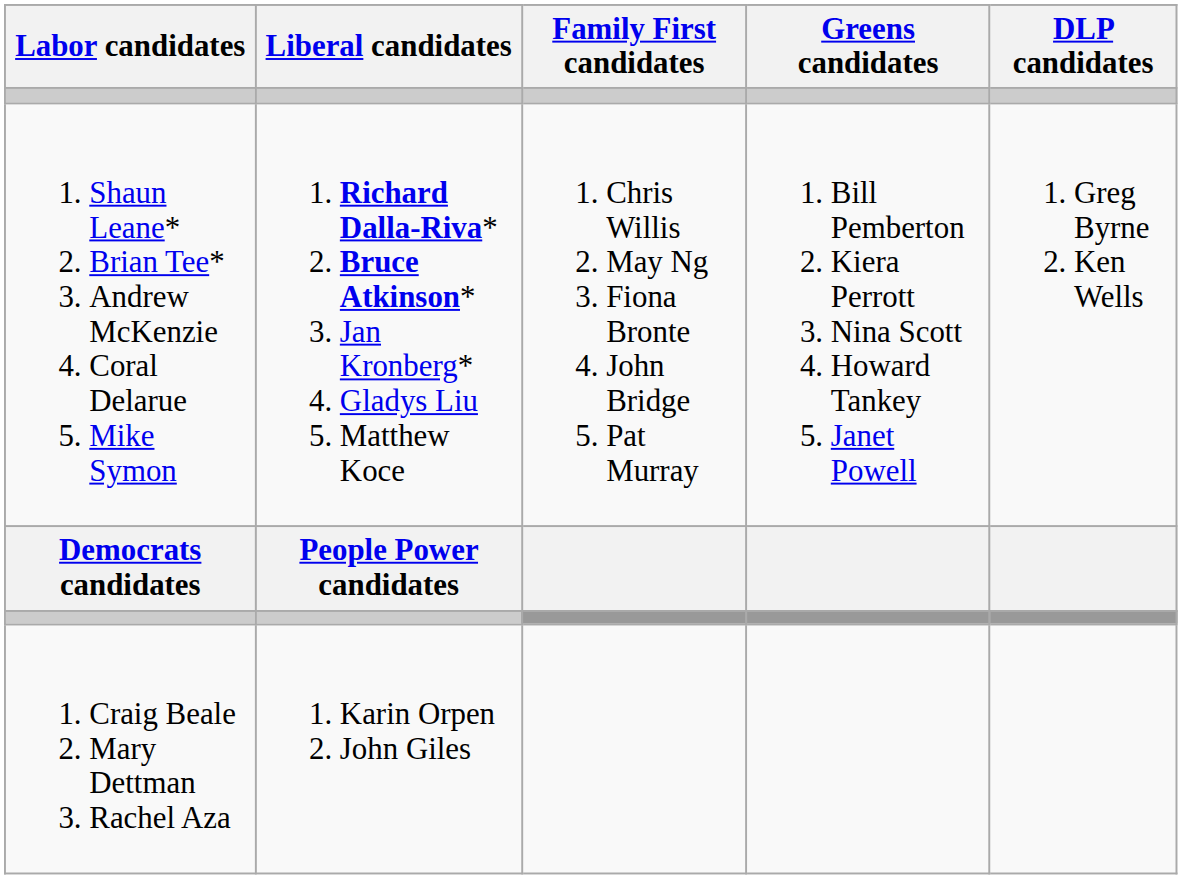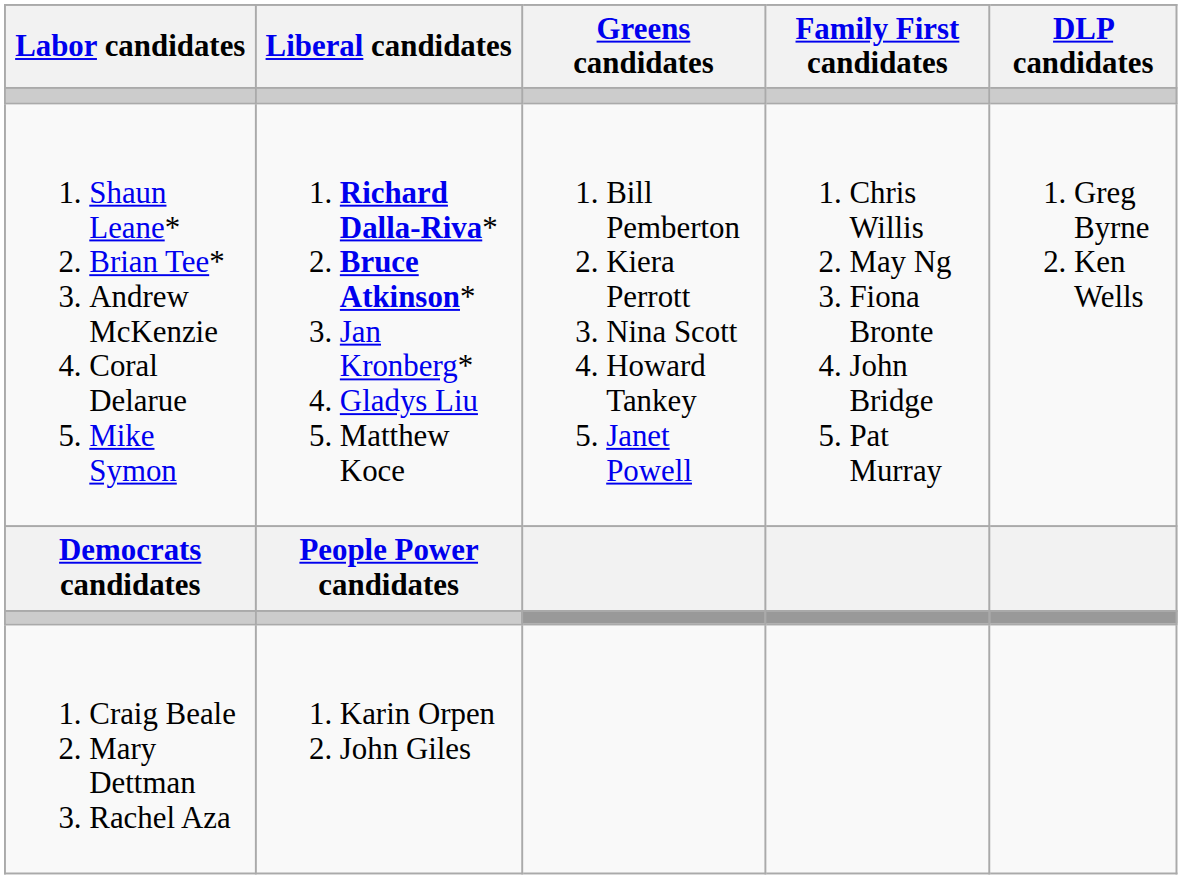 <table class="wikitable">
 <tr>
 <th><a href='#'>Labor</a> candidates</th>
 <th><a href='#'>Liberal</a> candidates</th>
+<th><a href='#'>Greens</a> candidates</th>
 <th><a href='#'>Family First</a> candidates</th>
-<th><a href='#'>Greens</a> candidates</th>
 <th><a href='#'>DLP</a> candidates</th>
 </tr>
 <tr bgcolor="#cccccc">
 <td></td>
 <td></td>
 <td></td>
 <td></td>
 <td></td>
 </tr>
 <tr>
 <td><br><ol><li><a href='#'>Shaun Leane</a>*</li><li><a href='#'>Brian Tee</a>*</li><li>Andrew McKenzie</li><li>Coral Delarue</li><li><a href='#'>Mike Symon</a></li></ol></td>
 <td><br><ol><li><strong><a href='#'>Richard Dalla-Riva</a></strong>*</li><li><strong><a href='#'>Bruce Atkinson</a></strong>*</li><li><a href='#'>Jan Kronberg</a>*</li><li><a href='#'>Gladys Liu</a></li><li>Matthew Koce</li></ol></td>
+<td valign=top><br><ol><li>Bill Pemberton</li><li>Kiera Perrott</li><li>Nina Scott</li><li>Howard Tankey</li><li><a href='#'>Janet Powell</a></li></ol></td>
 <td valign=top><br><ol><li>Chris Willis</li><li>May Ng</li><li>Fiona Bronte</li><li>John Bridge</li><li>Pat Murray</li></ol></td>
-<td valign=top><br><ol><li>Bill Pemberton</li><li>Kiera Perrott</li><li>Nina Scott</li><li>Howard Tankey</li><li><a href='#'>Janet Powell</a></li></ol></td>
 <td valign=top><br><ol><li>Greg Byrne</li><li>Ken Wells</li></ol></td>
 </tr>
 <tr bgcolor="#cccccc">
 <th><a href='#'>Democrats</a> candidates</th>
 <th><a href='#'>People Power</a> candidates</th>
 <th></th>
 <th></th>
 <th></th>
 </tr>
 <tr bgcolor="#cccccc">
 <td></td>
 <td></td>
 <td bgcolor="#999999"></td>
 <td bgcolor="#999999"></td>
 <td bgcolor="#999999"></td>
 </tr>
 <tr>
 <td valign=top><br><ol><li>Craig Beale</li><li>Mary Dettman</li><li>Rachel Aza</li></ol></td>
 <td valign=top><br><ol><li>Karin Orpen</li><li>John Giles</li></ol></td>
 <td valign=top></td>
 <td valign=top></td>
 <td valign=top></td>
 </tr>
 </table>
